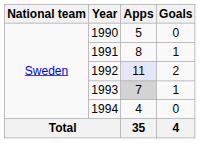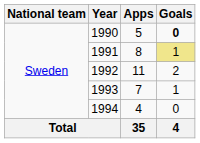 <table class="wikitable" style="text-align:center">
 <tr>
 <th>National team</th>
 <th>Year</th>
 <th>Apps</th>
 <th>Goals</th>
 </tr>
 <tr>
 <td rowspan="5"><a href='#'>Sweden</a></td>
 <td>1990</td>
 <td>5</td>
-<td>0</td>
+<td><strong>0</strong></td>
 </tr>
 <tr>
 <td>1991</td>
 <td>8</td>
-<td>1</td>
+<td style="background: khaki;">1</td>
 </tr>
 <tr>
 <td>1992</td>
-<td style="background: lavender;">11</td>
+<td>11</td>
 <td>2</td>
 </tr>
 <tr>
 <td>1993</td>
-<td style="background: lightgrey;">7</td>
+<td>7</td>
 <td>1</td>
 </tr>
 <tr>
 <td>1994</td>
 <td>4</td>
 <td>0</td>
 </tr>
 <tr>
 <th colspan="2">Total</th>
 <th>35</th>
 <th>4</th>
 </tr>
 </table>
